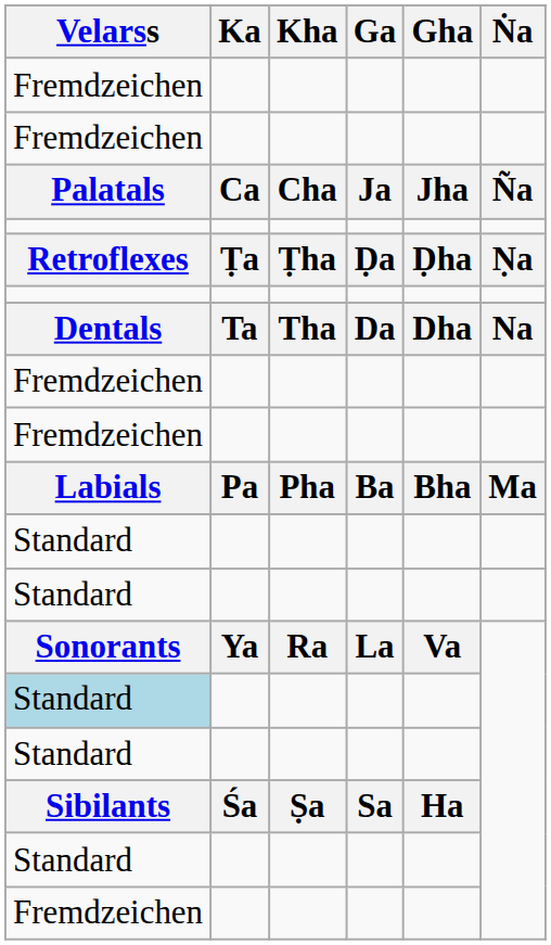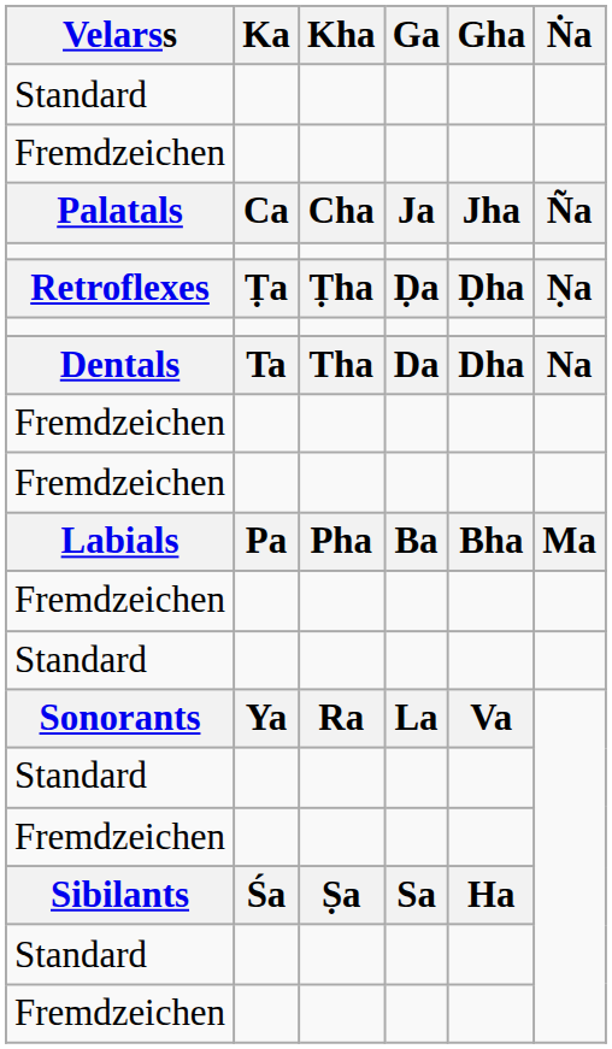 <table class="wikitable">
 <tr>
 <th><a href='#'>Velars</a>s</th>
 <th>Ka</th>
 <th>Kha</th>
 <th>Ga</th>
 <th>Gha</th>
 <th>Ṅa</th>
 </tr>
 <tr>
-<td>Fremdzeichen</td>
+<td>Standard</td>
 <td></td>
 <td></td>
 <td></td>
 <td></td>
 <td></td>
 </tr>
 <tr>
 <td>Fremdzeichen</td>
 <td></td>
 <td></td>
 <td></td>
 <td></td>
 <td></td>
 </tr>
 <tr>
 <th><a href='#'>Palatals</a></th>
 <th>Ca</th>
 <th>Cha</th>
 <th>Ja</th>
 <th>Jha</th>
 <th>Ña</th>
 </tr>
 <tr>
 <td></td>
 <td></td>
 <td></td>
 <td></td>
 <td></td>
 <td></td>
 </tr>
 <tr>
 <th><a href='#'>Retroflexes</a></th>
 <th>Ṭa</th>
 <th>Ṭha</th>
 <th>Ḍa</th>
 <th>Ḍha</th>
 <th>Ṇa</th>
 </tr>
 <tr>
 <td></td>
 <td></td>
 <td></td>
 <td></td>
 <td></td>
 <td></td>
 </tr>
 <tr>
 <th><a href='#'>Dentals</a></th>
 <th>Ta</th>
 <th>Tha</th>
 <th>Da</th>
 <th>Dha</th>
 <th>Na</th>
 </tr>
 <tr>
 <td>Fremdzeichen</td>
 <td></td>
 <td></td>
 <td></td>
 <td></td>
 <td></td>
 </tr>
 <tr>
 <td>Fremdzeichen</td>
 <td></td>
 <td></td>
 <td></td>
 <td></td>
 <td></td>
 </tr>
 <tr>
 <th><a href='#'>Labials</a></th>
 <th>Pa</th>
 <th>Pha</th>
 <th>Ba</th>
 <th>Bha</th>
 <th>Ma</th>
 </tr>
 <tr>
-<td>Standard</td>
+<td>Fremdzeichen</td>
 <td></td>
 <td></td>
 <td></td>
 <td></td>
 <td></td>
 </tr>
 <tr>
 <td>Standard</td>
 <td></td>
 <td></td>
 <td></td>
 <td></td>
 <td></td>
 </tr>
 <tr>
 <th><a href='#'>Sonorants</a></th>
 <th>Ya</th>
 <th>Ra</th>
 <th>La</th>
 <th>Va</th>
 </tr>
 <tr>
-<td style="background: lightblue;">Standard</td>
+<td>Standard</td>
 <td></td>
 <td></td>
 <td></td>
 <td></td>
 </tr>
 <tr>
-<td>Standard</td>
+<td>Fremdzeichen</td>
 <td></td>
 <td></td>
 <td></td>
 <td></td>
 </tr>
 <tr>
 <th><a href='#'>Sibilants</a></th>
 <th>Śa</th>
 <th>Ṣa</th>
 <th>Sa</th>
 <th>Ha</th>
 </tr>
 <tr>
 <td>Standard</td>
 <td></td>
 <td></td>
 <td></td>
 <td></td>
 </tr>
 <tr>
 <td>Fremdzeichen</td>
 <td></td>
 <td></td>
 <td></td>
 <td></td>
 </tr>
 </table>
